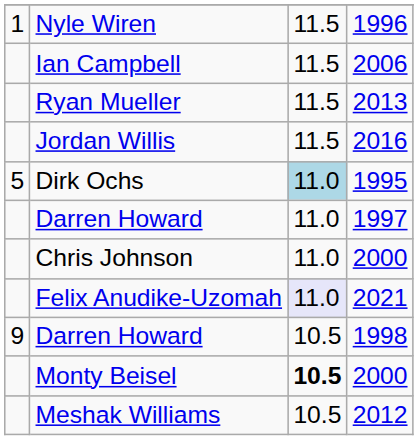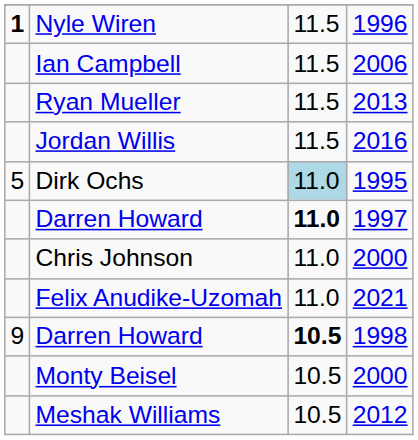 <table class="wikitable">
 <tr>
 </tr>
 <tr>
-<td>1</td>
+<td><strong>1</strong></td>
 <td><a href='#'>Nyle Wiren</a></td>
 <td>11.5</td>
 <td><a href='#'>1996</a></td>
 </tr>
 <tr>
 <td></td>
 <td><a href='#'>Ian Campbell</a></td>
 <td>11.5</td>
 <td><a href='#'>2006</a></td>
 </tr>
 <tr>
 <td></td>
 <td><a href='#'>Ryan Mueller</a></td>
 <td>11.5</td>
 <td><a href='#'>2013</a></td>
 </tr>
 <tr>
 <td></td>
 <td><a href='#'>Jordan Willis</a></td>
 <td>11.5</td>
 <td><a href='#'>2016</a></td>
 </tr>
 <tr>
 <td>5</td>
 <td>Dirk Ochs</td>
 <td style="background: lightblue;">11.0</td>
 <td><a href='#'>1995</a></td>
 </tr>
 <tr>
 <td></td>
 <td><a href='#'>Darren Howard</a></td>
-<td>11.0</td>
+<td><strong>11.0</strong></td>
 <td><a href='#'>1997</a></td>
 </tr>
 <tr>
 <td></td>
 <td>Chris Johnson</td>
 <td>11.0</td>
 <td><a href='#'>2000</a></td>
 </tr>
 <tr>
 <td></td>
 <td><a href='#'>Felix Anudike-Uzomah</a></td>
-<td style="background: lavender;">11.0</td>
+<td>11.0</td>
 <td><a href='#'>2021</a></td>
 </tr>
 <tr>
 <td>9</td>
 <td><a href='#'>Darren Howard</a></td>
-<td>10.5</td>
+<td><strong>10.5</strong></td>
 <td><a href='#'>1998</a></td>
 </tr>
 <tr>
 <td></td>
 <td><a href='#'>Monty Beisel</a></td>
-<td><strong>10.5</strong></td>
+<td>10.5</td>
 <td><a href='#'>2000</a></td>
 </tr>
 <tr>
 <td></td>
 <td><a href='#'>Meshak Williams</a></td>
 <td>10.5</td>
 <td><a href='#'>2012</a></td>
 </tr>
 </table>
